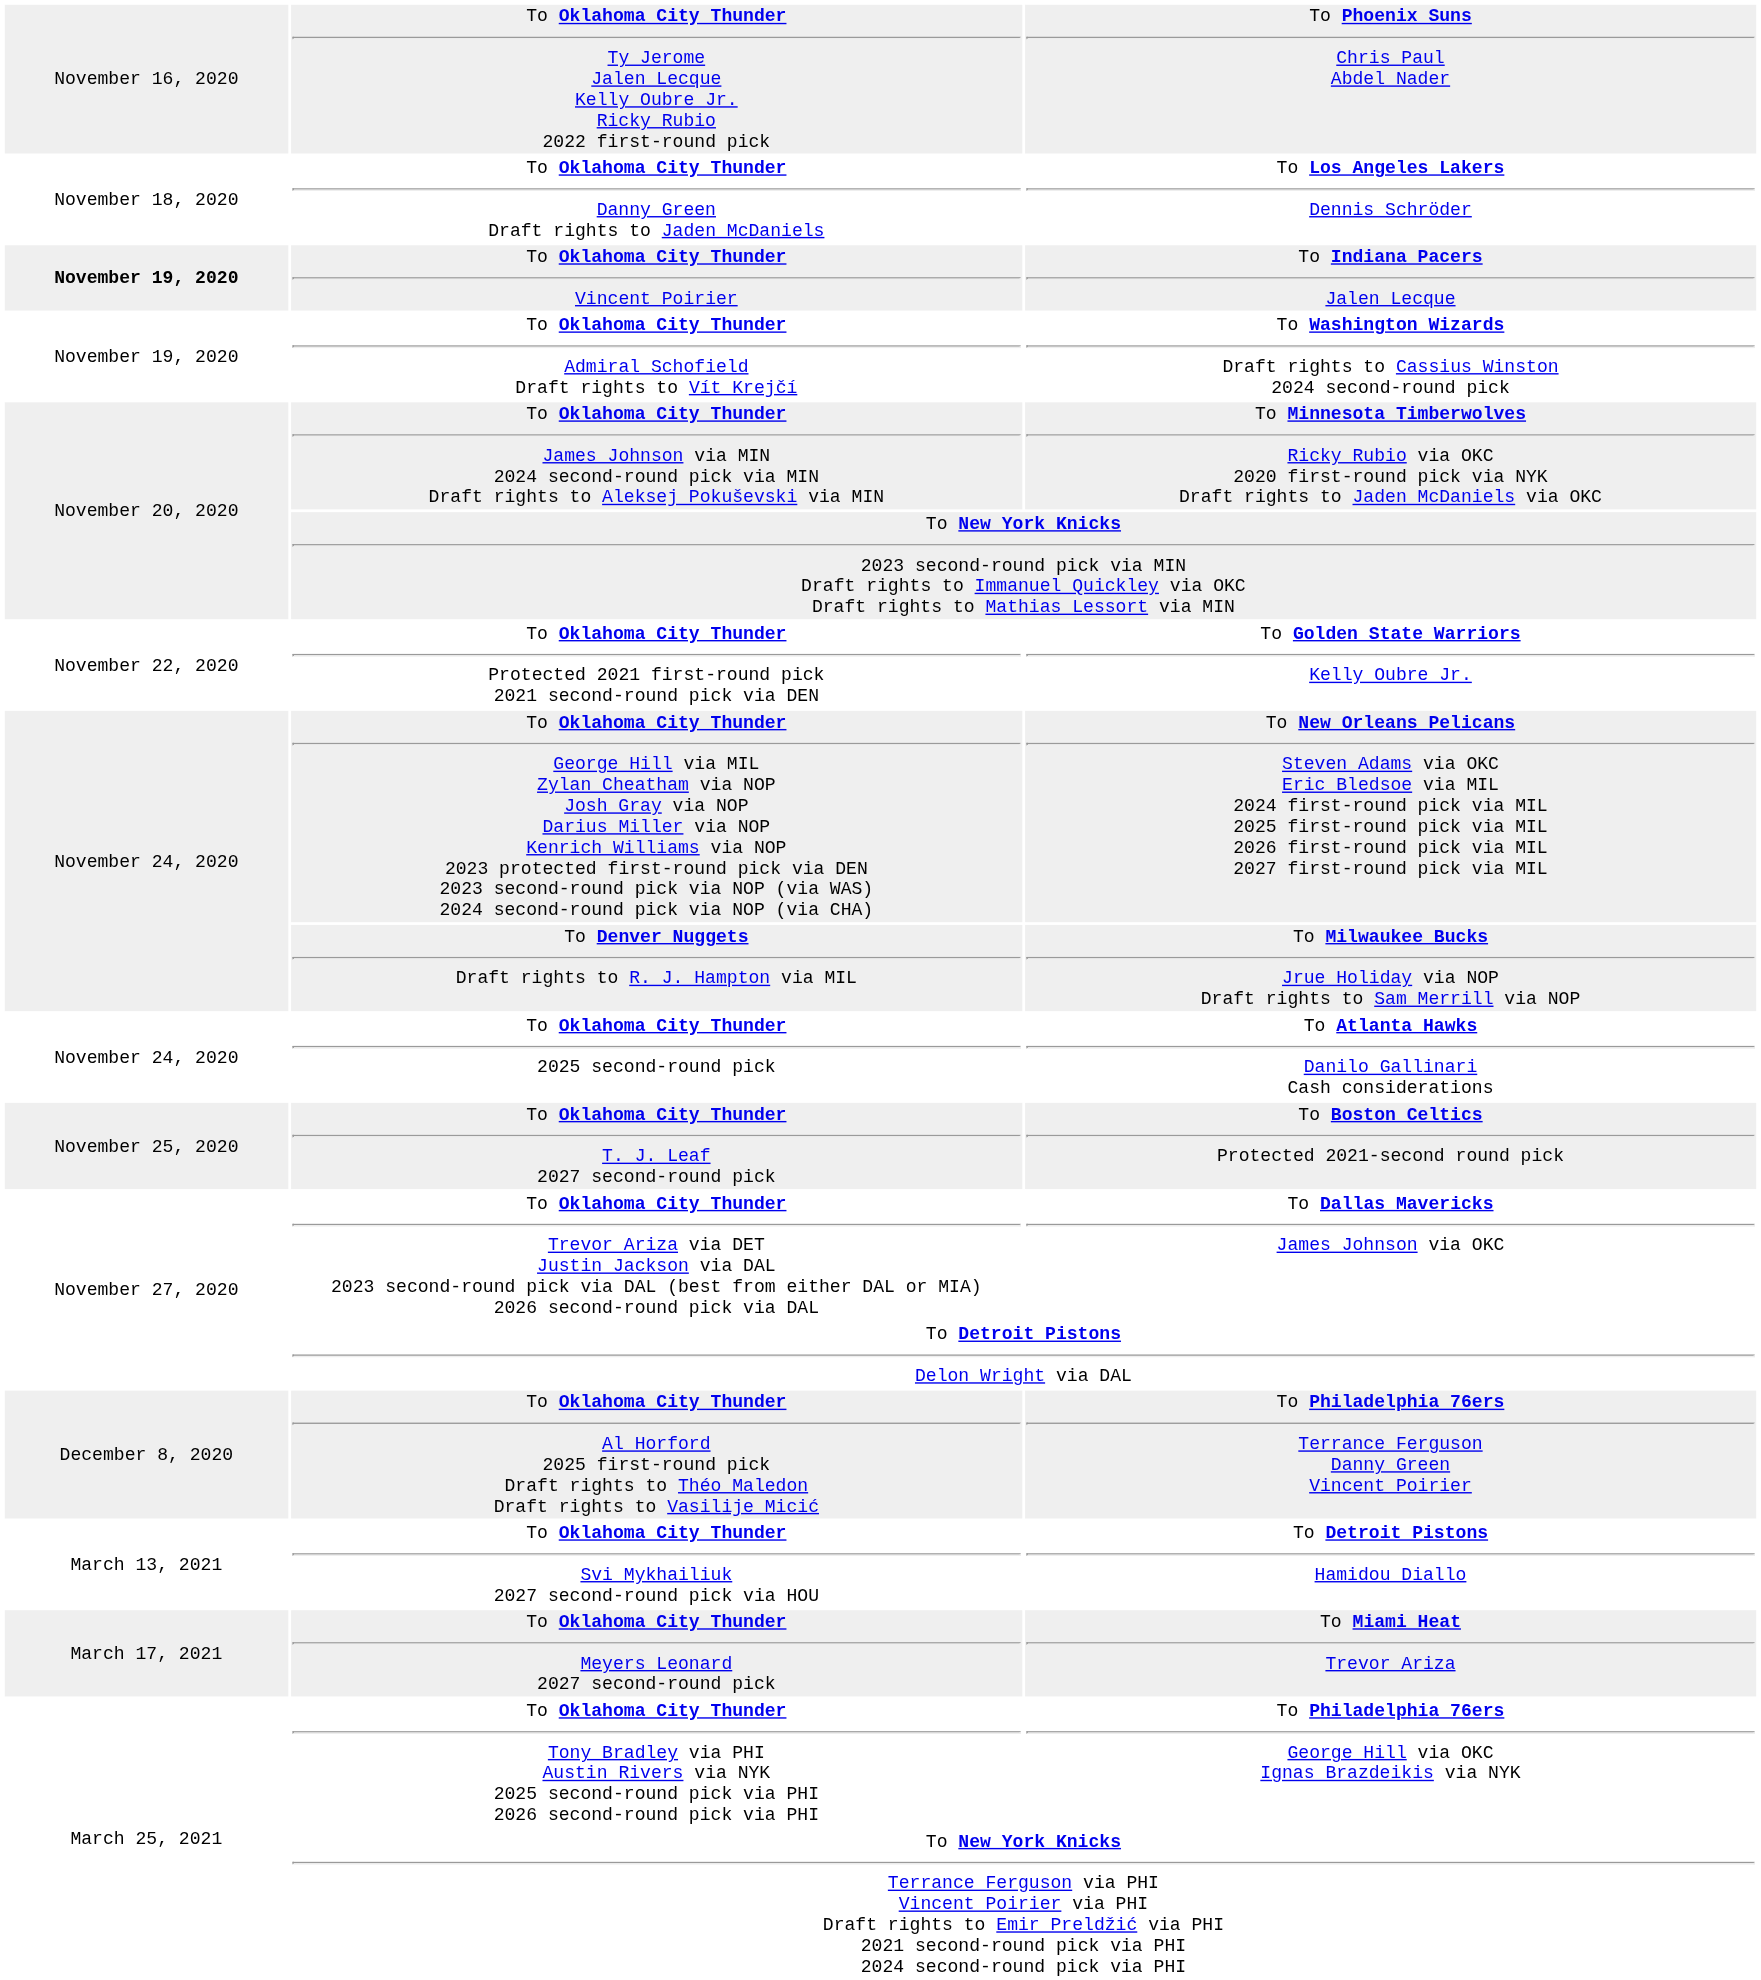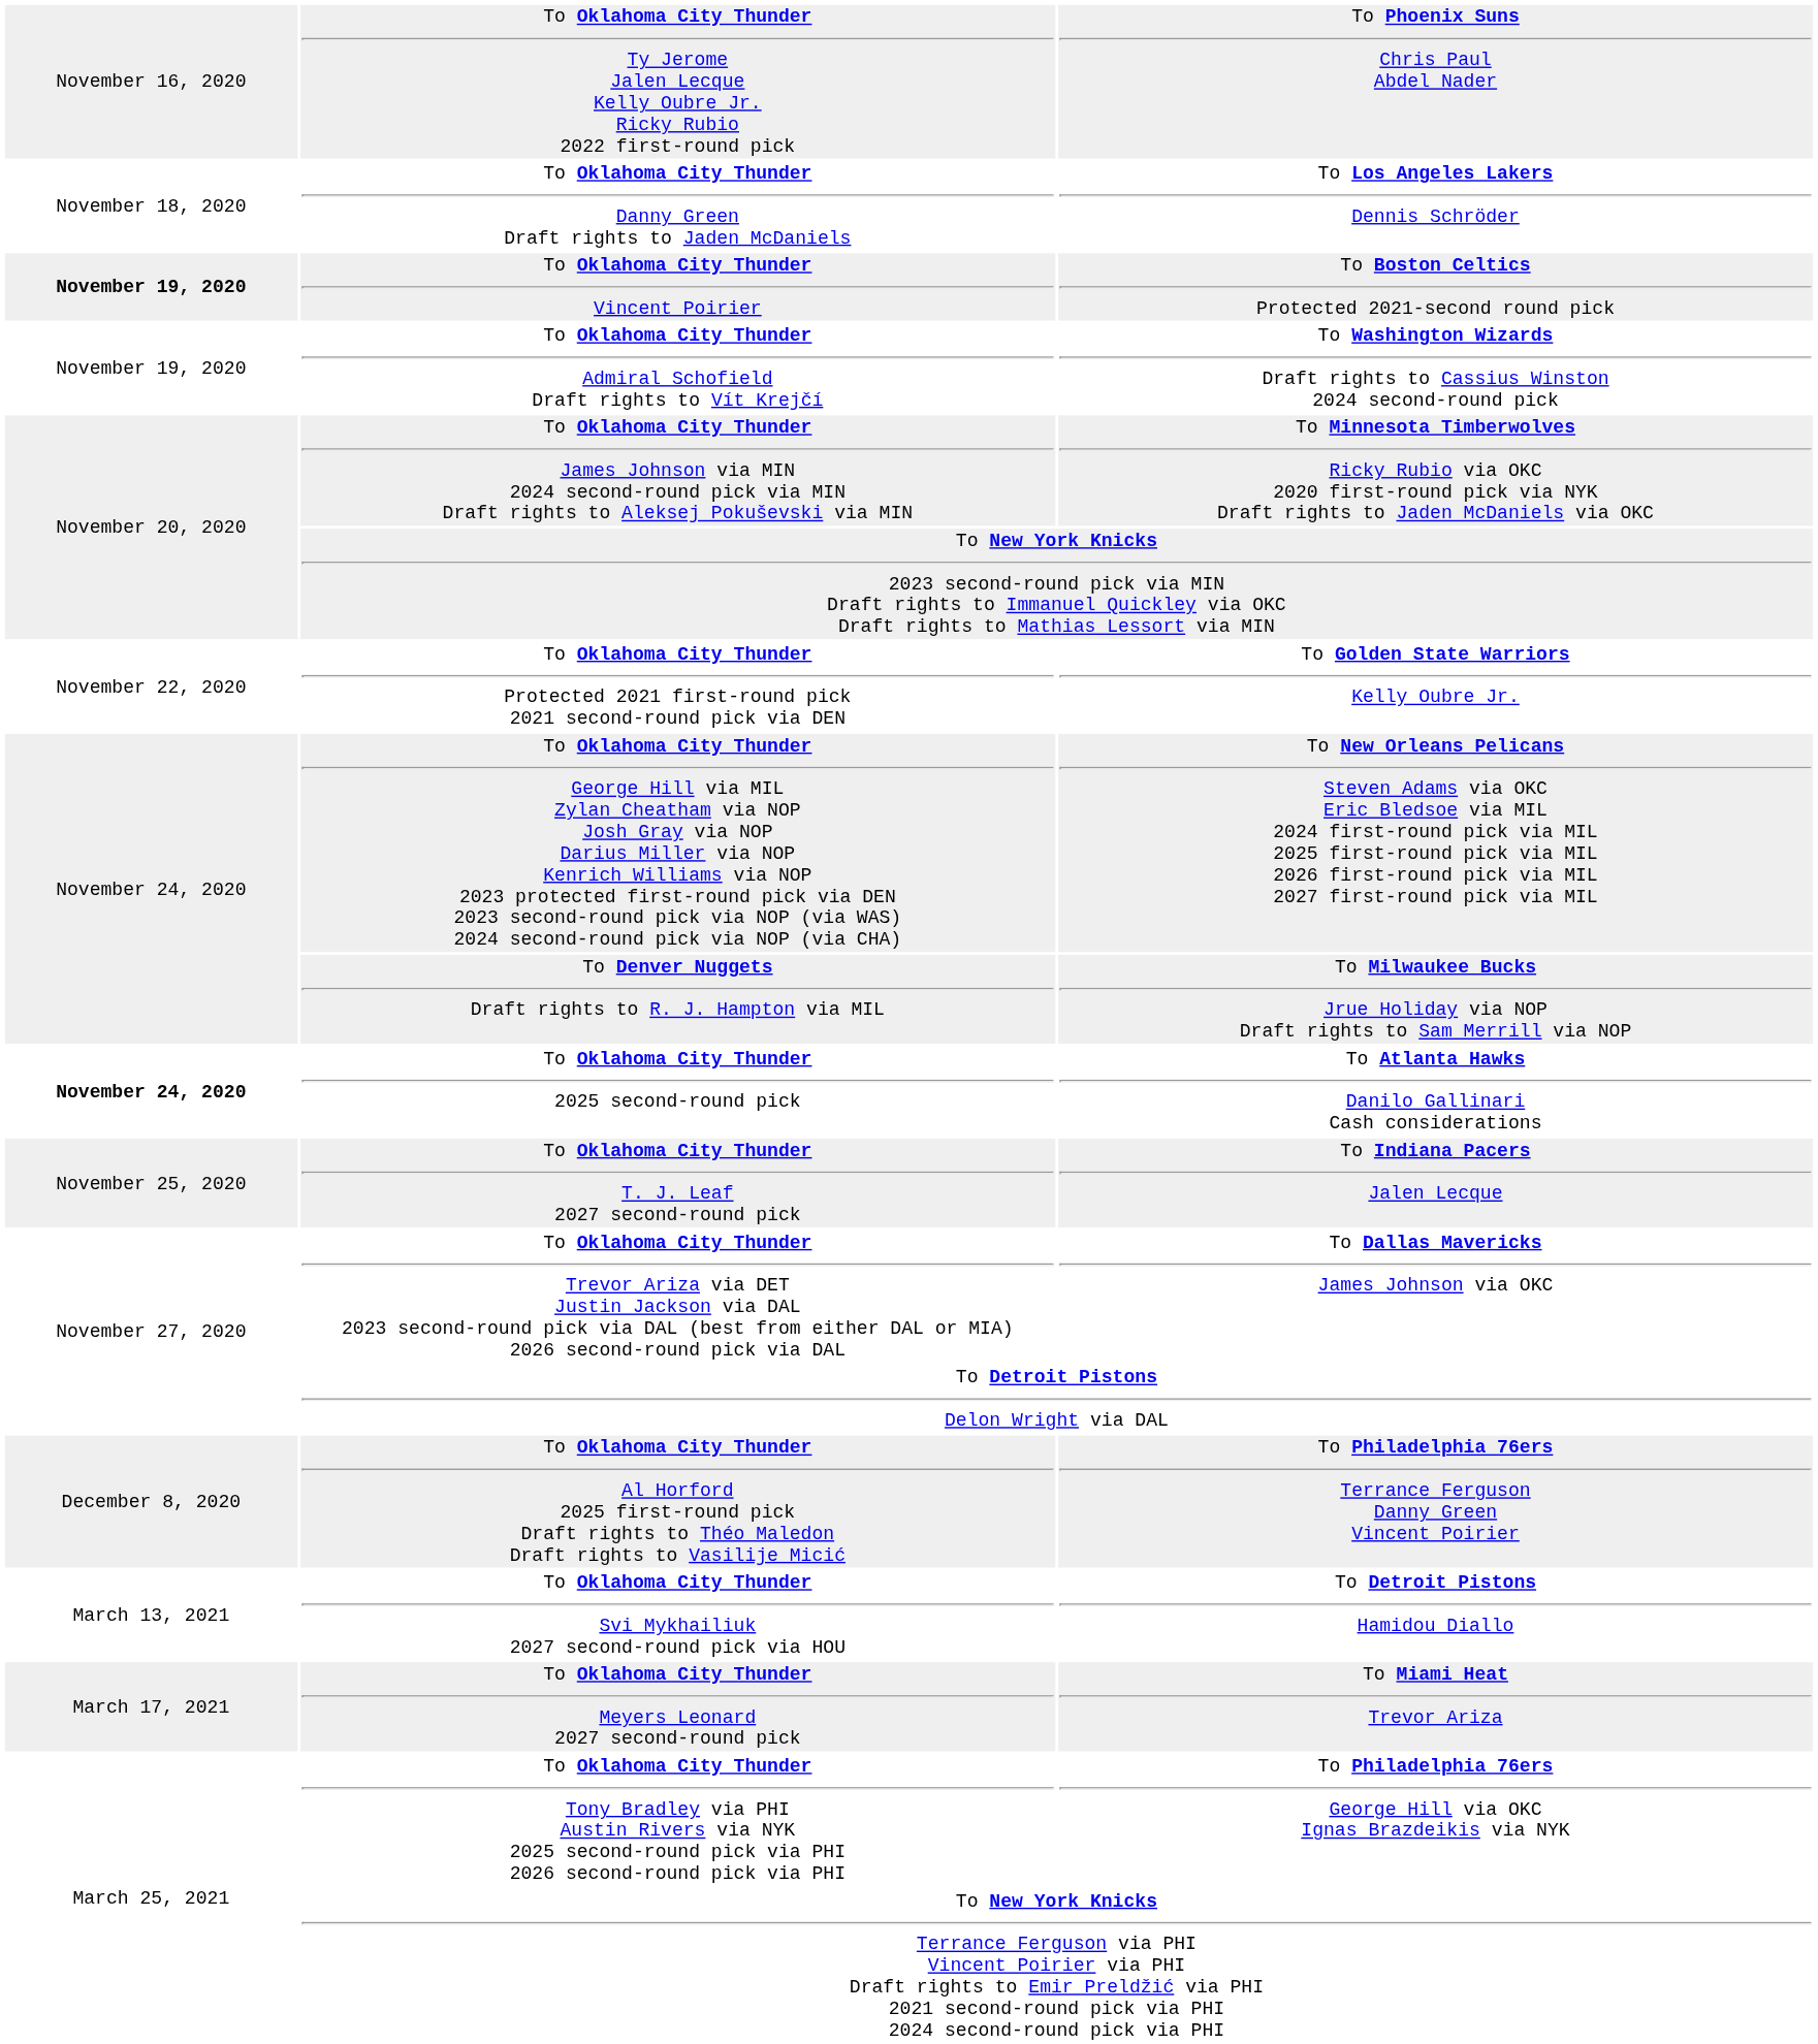 <table style="text-align: center">
 <tr style="background:#eeee">
 <td style="width:10%">November 16, 2020</td>
 <td style="width:31%; vertical-align:top;">To <strong><a href='#'>Oklahoma City Thunder</a></strong><hr><a href='#'>Ty Jerome</a><br><a href='#'>Jalen Lecque</a><br><a href='#'>Kelly Oubre Jr.</a><br><a href='#'>Ricky Rubio</a><br>2022 first-round pick</td>
 <td style="width:31%; vertical-align:top;">To <strong><a href='#'>Phoenix Suns</a></strong><hr><a href='#'>Chris Paul</a><br><a href='#'>Abdel Nader</a></td>
 </tr>
 <tr>
 <td style="width:10%">November 18, 2020</td>
 <td style="width:31%; vertical-align:top;">To <strong><a href='#'>Oklahoma City Thunder</a></strong><hr><a href='#'>Danny Green</a><br>Draft rights to <a href='#'>Jaden McDaniels</a></td>
 <td style="width:31%; vertical-align:top;">To <strong><a href='#'>Los Angeles Lakers</a></strong><hr><a href='#'>Dennis Schröder</a></td>
 </tr>
 <tr style="background:#eeee">
 <td style="width:10%"><strong>November 19, 2020</strong></td>
 <td style="width:31%; vertical-align:top;">To <strong><a href='#'>Oklahoma City Thunder</a></strong><hr><a href='#'>Vincent Poirier</a></td>
-<td style="width:31%; vertical-align:top;">To <strong><a href='#'>Indiana Pacers</a></strong><hr><a href='#'>Jalen Lecque</a></td>
+<td style="width:31%; vertical-align:top;">To <strong><a href='#'>Boston Celtics</a></strong><hr>Protected 2021-second round pick</td>
 </tr>
 <tr>
 <td style="width:10%">November 19, 2020</td>
 <td style="width:31%; vertical-align:top;">To <strong><a href='#'>Oklahoma City Thunder</a></strong><hr><a href='#'>Admiral Schofield</a><br>Draft rights to <a href='#'>Vít Krejčí</a></td>
 <td style="width:31%; vertical-align:top;">To <strong><a href='#'>Washington Wizards</a></strong><hr>Draft rights to <a href='#'>Cassius Winston</a><br>2024 second-round pick</td>
 </tr>
 <tr style="background:#eeee">
 <td style="width:10%" rowspan=2>November 20, 2020</td>
 <td style="width:31%; vertical-align:top;">To <strong><a href='#'>Oklahoma City Thunder</a></strong><hr><a href='#'>James Johnson</a> via MIN<br>2024 second-round pick via MIN<br>Draft rights to <a href='#'>Aleksej Pokuševski</a> via MIN</td>
 <td style="width:31%; vertical-align:top;">To <strong><a href='#'>Minnesota Timberwolves</a></strong><hr><a href='#'>Ricky Rubio</a> via OKC<br>2020 first-round pick via NYK<br>Draft rights to <a href='#'>Jaden McDaniels</a> via OKC</td>
 </tr>
 <tr style="background:#eeee">
 <td colspan="3">To <strong><a href='#'>New York Knicks</a></strong><hr>2023 second-round pick via MIN<br>Draft rights to <a href='#'>Immanuel Quickley</a> via OKC<br>Draft rights to <a href='#'>Mathias Lessort</a> via MIN</td>
 </tr>
 <tr>
 <td style="width:10%">November 22, 2020</td>
 <td style="width:31%; vertical-align:top;">To <strong><a href='#'>Oklahoma City Thunder</a></strong><hr>Protected 2021 first-round pick<br>2021 second-round pick via DEN</td>
 <td style="width:31%; vertical-align:top;">To <strong><a href='#'>Golden State Warriors</a></strong><hr><a href='#'>Kelly Oubre Jr.</a></td>
 </tr>
 <tr style="background:#eeee">
 <td style="width:12%" rowspan=2>November 24, 2020</td>
 <td style="width:30%" valign="top">To <strong><a href='#'>Oklahoma City Thunder</a></strong><hr><a href='#'>George Hill</a> via MIL<br><a href='#'>Zylan Cheatham</a> via NOP<br><a href='#'>Josh Gray</a> via NOP<br><a href='#'>Darius Miller</a> via NOP<br><a href='#'>Kenrich Williams</a> via NOP<br>2023 protected first-round pick via DEN<br>2023 second-round pick via NOP (via WAS)<br>2024 second-round pick via NOP (via CHA)</td>
 <td style="width:30%" valign="top">To <strong><a href='#'>New Orleans Pelicans</a></strong><hr><a href='#'>Steven Adams</a> via OKC<br><a href='#'>Eric Bledsoe</a> via MIL<br>2024 first-round pick via MIL<br>2025 first-round pick via MIL<br>2026 first-round pick via MIL<br>2027 first-round pick via MIL</td>
 </tr>
 <tr style="background:#eeee">
 <td style="width:30%" valign="top">To <strong><a href='#'>Denver Nuggets</a></strong><hr>Draft rights to <a href='#'>R. J. Hampton</a> via MIL</td>
 <td style="width:30%" valign="top">To <strong><a href='#'>Milwaukee Bucks</a></strong><hr><a href='#'>Jrue Holiday</a> via NOP<br>Draft rights to <a href='#'>Sam Merrill</a> via NOP</td>
 </tr>
 <tr>
-<td style="width:10%">November 24, 2020</td>
+<td style="width:10%"><strong>November 24, 2020</strong></td>
 <td style="width:31%; vertical-align:top;">To <strong><a href='#'>Oklahoma City Thunder</a></strong><hr>2025 second-round pick</td>
 <td style="width:31%; vertical-align:top;">To <strong><a href='#'>Atlanta Hawks</a></strong><hr><a href='#'>Danilo Gallinari</a><br>Cash considerations</td>
 </tr>
 <tr style="background:#eeee">
 <td style="width:10%">November 25, 2020</td>
 <td style="width:31%; vertical-align:top;">To <strong><a href='#'>Oklahoma City Thunder</a></strong><hr><a href='#'>T. J. Leaf</a><br>2027 second-round pick</td>
-<td style="width:31%; vertical-align:top;">To <strong><a href='#'>Boston Celtics</a></strong><hr>Protected 2021-second round pick</td>
+<td style="width:31%; vertical-align:top;">To <strong><a href='#'>Indiana Pacers</a></strong><hr><a href='#'>Jalen Lecque</a></td>
 </tr>
 <tr>
 <td style="width:10%" rowspan=2>November 27, 2020</td>
 <td style="width:31%; vertical-align:top;">To <strong><a href='#'>Oklahoma City Thunder</a></strong><hr><a href='#'>Trevor Ariza</a> via DET<br><a href='#'>Justin Jackson</a> via DAL<br>2023 second-round pick via DAL (best from either DAL or MIA)<br>2026 second-round pick via DAL</td>
 <td style="width:31%; vertical-align:top;">To <strong><a href='#'>Dallas Mavericks</a></strong><hr><a href='#'>James Johnson</a> via OKC</td>
 </tr>
 <tr>
 <td colspan="3">To <strong><a href='#'>Detroit Pistons</a></strong><hr><a href='#'>Delon Wright</a> via DAL</td>
 </tr>
 <tr style="background:#eeee">
 <td style="width:10%">December 8, 2020</td>
 <td style="width:31%; vertical-align:top;">To <strong><a href='#'>Oklahoma City Thunder</a></strong><hr><a href='#'>Al Horford</a><br>2025 first-round pick<br>Draft rights to <a href='#'>Théo Maledon</a><br>Draft rights to <a href='#'>Vasilije Micić</a></td>
 <td style="width:31%; vertical-align:top;">To <strong><a href='#'>Philadelphia 76ers</a></strong><hr><a href='#'>Terrance Ferguson</a><br><a href='#'>Danny Green</a><br><a href='#'>Vincent Poirier</a></td>
 </tr>
 <tr>
 <td style="width:10%">March 13, 2021</td>
 <td style="width:31%; vertical-align:top;">To <strong><a href='#'>Oklahoma City Thunder</a></strong><hr><a href='#'>Svi Mykhailiuk</a><br>2027 second-round pick via HOU</td>
 <td style="width:31%; vertical-align:top;">To <strong><a href='#'>Detroit Pistons</a></strong><hr><a href='#'>Hamidou Diallo</a></td>
 </tr>
 <tr style="background:#eeee">
 <td style="width:10%">March 17, 2021</td>
 <td style="width:31%; vertical-align:top;">To <strong><a href='#'>Oklahoma City Thunder</a></strong><hr><a href='#'>Meyers Leonard</a><br>2027 second-round pick</td>
 <td style="width:31%; vertical-align:top;">To <strong><a href='#'>Miami Heat</a></strong><hr><a href='#'>Trevor Ariza</a></td>
 </tr>
 <tr>
 <td style="width:10%" rowspan=2>March 25, 2021</td>
 <td style="width:31%; vertical-align:top;">To <strong><a href='#'>Oklahoma City Thunder</a></strong><hr><a href='#'>Tony Bradley</a> via PHI<br><a href='#'>Austin Rivers</a> via NYK<br>2025 second-round pick via PHI<br>2026 second-round pick via PHI</td>
 <td style="width:31%; vertical-align:top;">To <strong><a href='#'>Philadelphia 76ers</a></strong><hr><a href='#'>George Hill</a> via OKC<br><a href='#'>Ignas Brazdeikis</a> via NYK</td>
 </tr>
 <tr>
 <td colspan="3">To <strong><a href='#'>New York Knicks</a></strong><hr><a href='#'>Terrance Ferguson</a> via PHI<br><a href='#'>Vincent Poirier</a> via PHI<br>Draft rights to <a href='#'>Emir Preldžić</a> via PHI<br>2021 second-round pick via PHI<br>2024 second-round pick via PHI</td>
 </tr>
 </table>
